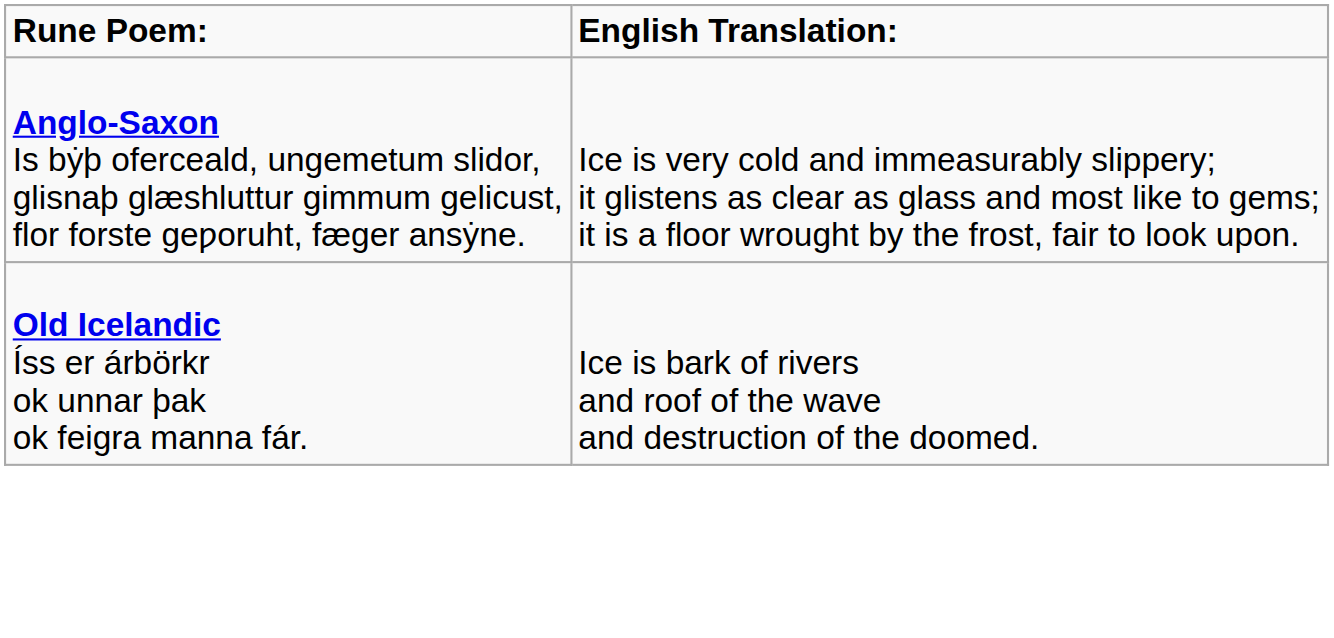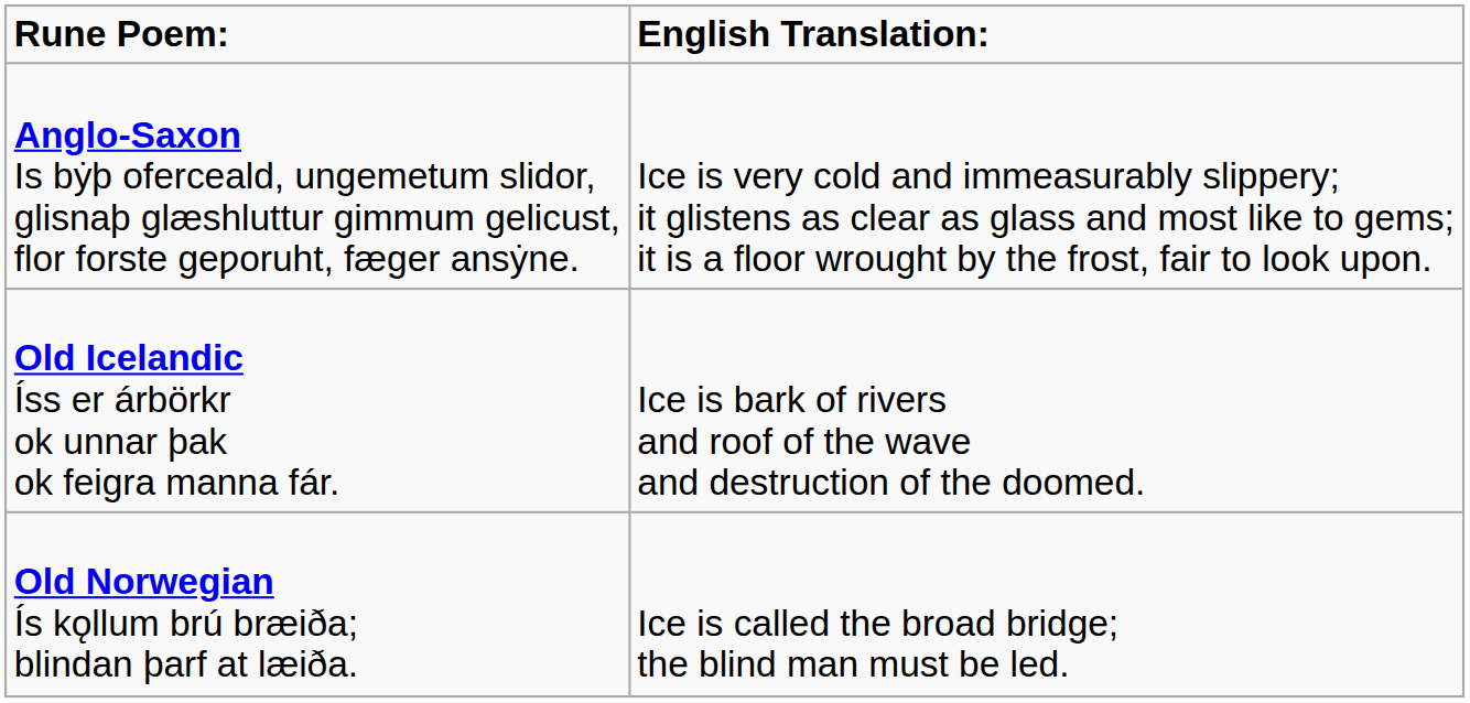 <table class="wikitable">
 <tr>
 <td><strong>Rune Poem:</strong></td>
 <td><strong>English Translation:</strong></td>
 </tr>
 <tr>
 <td><br><strong><a href='#'>Anglo-Saxon</a></strong> <br> Is bẏþ oferceald, ungemetum slidor, <br>glisnaþ glæshluttur gimmum gelicust, <br>flor forste geƿoruht, fæger ansẏne.</td>
 <td><br><br>Ice is very cold and immeasurably slippery; <br>it glistens as clear as glass and most like to gems; <br>it is a floor wrought by the frost, fair to look upon.</td>
 </tr>
 <tr>
 <td><br><strong><a href='#'>Old Icelandic</a></strong> <br> Íss er árbörkr <br>ok unnar þak <br>ok feigra manna fár.</td>
 <td><br><br>Ice is bark of rivers <br>and roof of the wave <br>and destruction of the doomed.</td>
 </tr>
+<tr>
+<td><br><strong><a href='#'>Old Norwegian</a></strong> <br> Ís kǫllum brú bræiða; <br>blindan þarf at læiða.</td>
+<td><br><br>Ice is called the broad bridge; <br>the blind man must be led.</td>
+</tr>
 </table>
